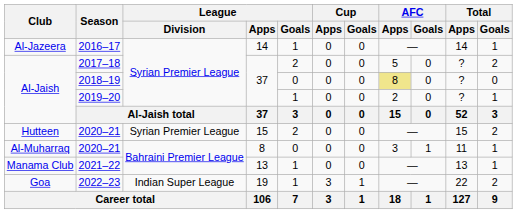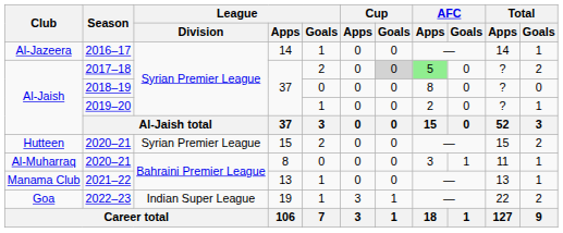 <table class="wikitable" style="text-align: center;">
 <tr>
 <th rowspan="2">Club</th>
 <th rowspan="2">Season</th>
 <th colspan="3">League</th>
 <th colspan="2">Cup</th>
 <th colspan="2"><a href='#'>AFC</a></th>
 <th colspan="2">Total</th>
 </tr>
 <tr>
 <th>Division</th>
 <th>Apps</th>
 <th>Goals</th>
 <th>Apps</th>
 <th>Goals</th>
 <th>Apps</th>
 <th>Goals</th>
 <th>Apps</th>
 <th>Goals</th>
 </tr>
 <tr>
 <td rowspan="1"><a href='#'>Al-Jazeera</a></td>
 <td><a href='#'>2016–17</a></td>
 <td rowspan="4"><a href='#'>Syrian Premier League</a></td>
 <td>14</td>
 <td>1</td>
 <td>0</td>
 <td>0</td>
 <td colspan="2">—</td>
 <td>14</td>
 <td>1</td>
 </tr>
 <tr>
 <td rowspan="4"><a href='#'>Al-Jaish</a></td>
 <td><a href='#'>2017–18</a></td>
 <td rowspan="3">37</td>
 <td>2</td>
 <td>0</td>
-<td>0</td>
-<td>5</td>
+<td style="background: lightgrey;">0</td>
+<td style="background: lightgreen;">5</td>
 <td>0</td>
 <td>?</td>
 <td>2</td>
 </tr>
 <tr>
 <td><a href='#'>2018–19</a></td>
 <td>0</td>
 <td>0</td>
 <td>0</td>
-<td style="background: khaki;">8</td>
+<td>8</td>
 <td>0</td>
 <td>?</td>
 <td>0</td>
 </tr>
 <tr>
 <td><a href='#'>2019–20</a></td>
 <td>1</td>
 <td>0</td>
 <td>0</td>
 <td>2</td>
 <td>0</td>
 <td>?</td>
 <td>1</td>
 </tr>
 <tr>
 <th colspan="2">Al-Jaish total</th>
 <th>37</th>
 <th>3</th>
 <th>0</th>
 <th>0</th>
 <th>15</th>
 <th>0</th>
 <th>52</th>
 <th>3</th>
 </tr>
 <tr>
 <td rowspan="1"><a href='#'>Hutteen</a></td>
 <td><a href='#'>2020–21</a></td>
 <td rowspan="1">Syrian Premier League</td>
 <td>15</td>
 <td>2</td>
 <td>0</td>
 <td>0</td>
 <td colspan="2">—</td>
 <td>15</td>
 <td>2</td>
 </tr>
 <tr>
 <td rowspan="1"><a href='#'>Al-Muharraq</a></td>
 <td><a href='#'>2020–21</a></td>
 <td rowspan="2"><a href='#'>Bahraini Premier League</a></td>
 <td>8</td>
 <td>0</td>
 <td>0</td>
 <td>0</td>
 <td>3</td>
 <td>1</td>
 <td>11</td>
 <td>1</td>
 </tr>
 <tr>
 <td rowspan="1"><a href='#'>Manama Club</a></td>
 <td><a href='#'>2021–22</a></td>
 <td>13</td>
 <td>1</td>
 <td>0</td>
 <td>0</td>
 <td colspan="2">—</td>
 <td>13</td>
 <td>1</td>
 </tr>
 <tr>
 <td rowspan="1"><a href='#'>Goa</a></td>
 <td><a href='#'>2022–23</a></td>
 <td>Indian Super League</td>
 <td>19</td>
 <td>1</td>
 <td>3</td>
 <td>1</td>
 <td colspan="2">—</td>
 <td>22</td>
 <td>2</td>
 </tr>
 <tr>
 <th colspan="3">Career total</th>
 <th>106</th>
 <th>7</th>
 <th>3</th>
 <th>1</th>
 <th>18</th>
 <th>1</th>
 <th>127</th>
 <th>9</th>
 </tr>
 </table>
